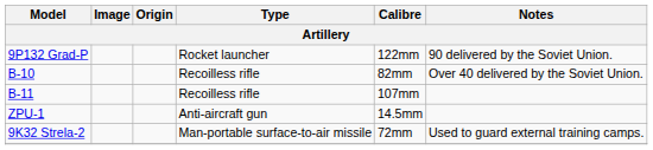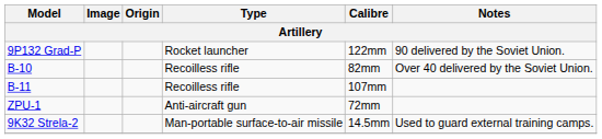 <table class="wikitable">
 <tr>
 <th>Model</th>
 <th>Image</th>
 <th>Origin</th>
 <th>Type</th>
 <th>Calibre</th>
 <th>Notes</th>
 </tr>
 <tr>
 <th colspan="8">Artillery</th>
 </tr>
 <tr>
 <td><a href='#'>9P132 Grad-P</a></td>
 <td></td>
 <td></td>
 <td>Rocket launcher</td>
 <td>122mm</td>
 <td>90 delivered by the Soviet Union.</td>
 </tr>
 <tr>
 <td><a href='#'>B-10</a></td>
 <td></td>
 <td></td>
 <td>Recoilless rifle</td>
 <td>82mm</td>
 <td>Over 40 delivered by the Soviet Union.</td>
 </tr>
 <tr>
 <td><a href='#'>B-11</a></td>
 <td></td>
 <td></td>
 <td>Recoilless rifle</td>
 <td>107mm</td>
 <td></td>
 </tr>
 <tr>
 <td><a href='#'>ZPU-1</a></td>
 <td></td>
 <td></td>
 <td>Anti-aircraft gun</td>
-<td>14.5mm</td>
+<td>72mm</td>
 <td></td>
 </tr>
 <tr>
 <td><a href='#'>9K32 Strela-2</a></td>
 <td></td>
 <td></td>
 <td>Man-portable surface-to-air missile</td>
-<td>72mm</td>
+<td>14.5mm</td>
 <td>Used to guard external training camps.</td>
 </tr>
 <tr>
 </tr>
 <tr>
 </tr>
 </table>
